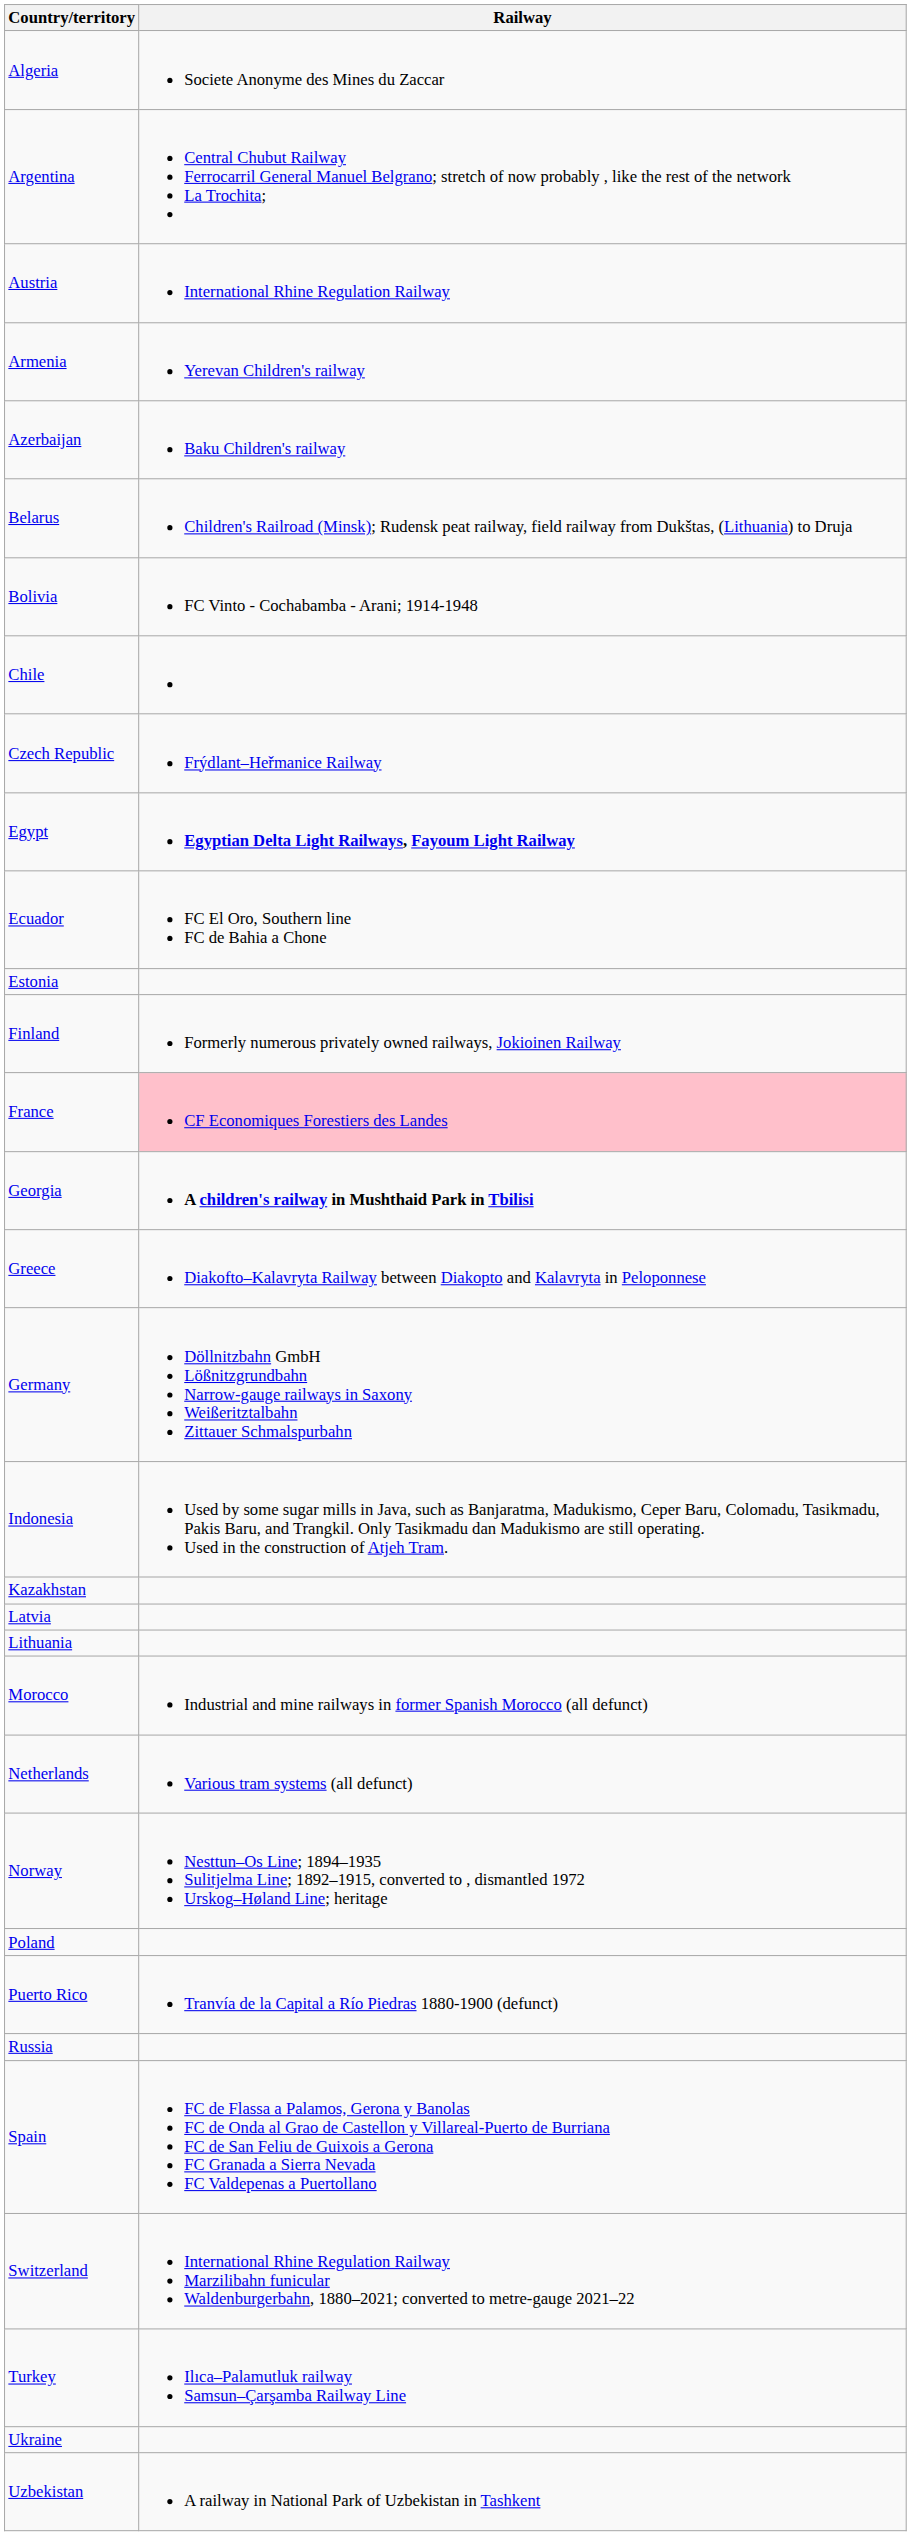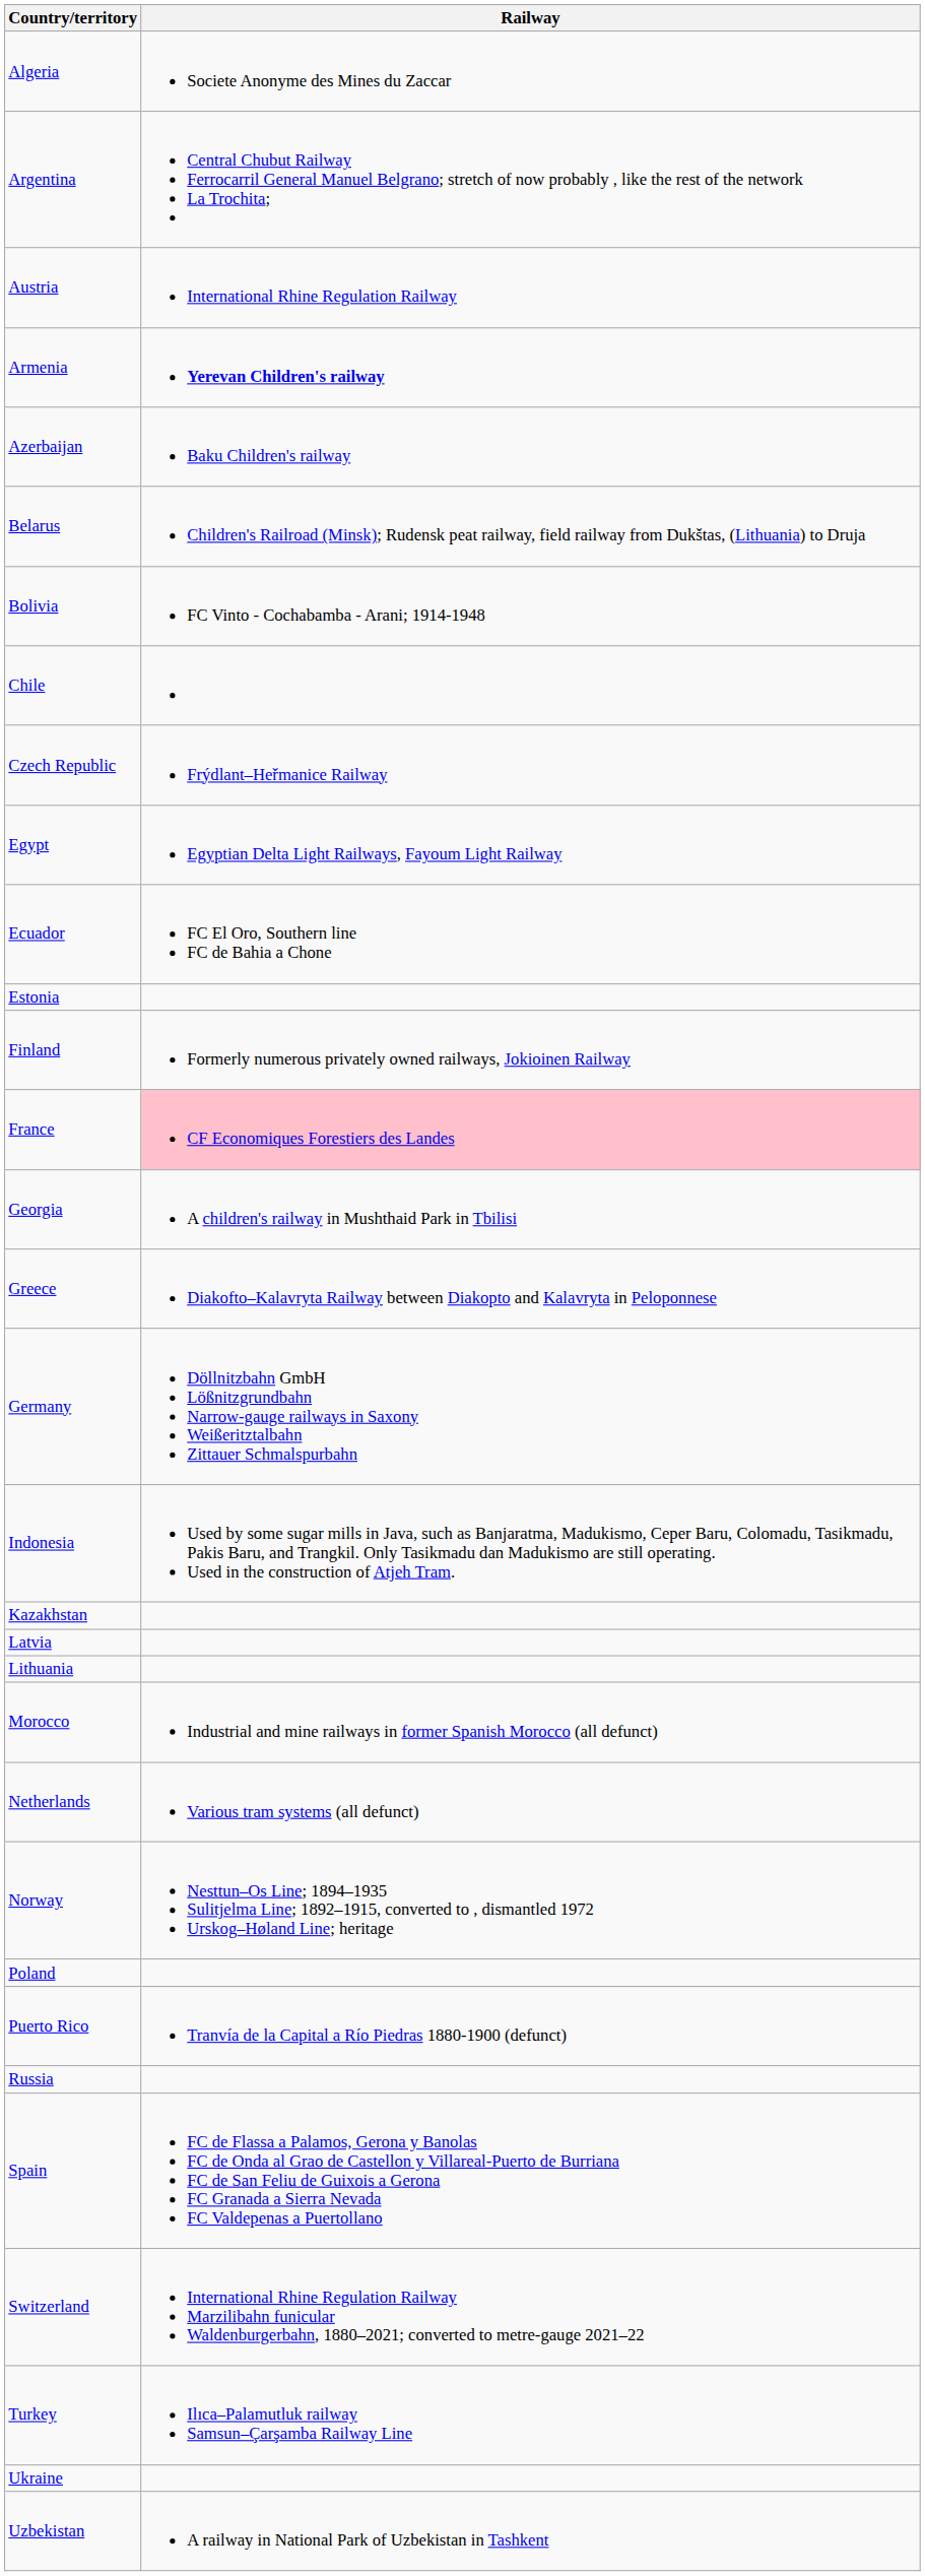 <table class=wikitable>
 <tr>
 <th>Country/territory</th>
 <th>Railway</th>
 </tr>
 <tr>
 <td><a href='#'>Algeria</a></td>
 <td><br><ul><li>Societe Anonyme des Mines du Zaccar</li></ul></td>
 </tr>
 <tr>
 <td><a href='#'>Argentina</a></td>
 <td><br><ul><li><a href='#'>Central Chubut Railway</a></li><li><a href='#'>Ferrocarril General Manuel Belgrano</a>; stretch of  now probably , like the rest of the network</li><li><a href='#'>La Trochita</a>; </li><li></li></ul></td>
 </tr>
 <tr>
 <td><a href='#'>Austria</a></td>
 <td><br><ul><li><a href='#'>International Rhine Regulation Railway</a></li></ul></td>
 </tr>
 <tr>
 <td><a href='#'>Armenia</a></td>
-<td><br><ul><li><a href='#'>Yerevan Children's railway</a></li></ul></td>
+<td><strong><br><ul><li><a href='#'>Yerevan Children's railway</a></li></ul></strong></td>
 </tr>
 <tr>
 <td><a href='#'>Azerbaijan</a></td>
 <td><br><ul><li><a href='#'>Baku Children's railway</a></li></ul></td>
 </tr>
 <tr>
 <td><a href='#'>Belarus</a></td>
 <td><br><ul><li><a href='#'>Children's Railroad (Minsk)</a>; Rudensk peat railway, field railway from Dukštas, (<a href='#'>Lithuania</a>) to Druja</li></ul></td>
 </tr>
 <tr>
 <td><a href='#'>Bolivia</a></td>
 <td><br><ul><li>FC Vinto - Cochabamba - Arani;  1914-1948</li></ul></td>
 </tr>
 <tr>
 <td><a href='#'>Chile</a></td>
 <td><br><ul><li></li></ul></td>
 </tr>
 <tr>
 <td><a href='#'>Czech Republic</a></td>
 <td><br><ul><li><a href='#'>Frýdlant–Heřmanice Railway</a></li></ul></td>
 </tr>
 <tr>
 <td><a href='#'>Egypt</a></td>
-<td><strong><br><ul><li><a href='#'>Egyptian Delta Light Railways</a>, <a href='#'>Fayoum Light Railway</a></li></ul></strong></td>
+<td><br><ul><li><a href='#'>Egyptian Delta Light Railways</a>, <a href='#'>Fayoum Light Railway</a></li></ul></td>
 </tr>
 <tr>
 <td><a href='#'>Ecuador</a></td>
 <td><br><ul><li>FC El Oro, Southern line</li><li>FC de Bahia a Chone</li></ul></td>
 </tr>
 <tr>
 <td><a href='#'>Estonia</a></td>
 <td><br></td>
 </tr>
 <tr>
 <td><a href='#'>Finland</a></td>
 <td><br><ul><li>Formerly numerous privately owned railways, <a href='#'>Jokioinen Railway</a></li></ul></td>
 </tr>
 <tr>
 <td><a href='#'>France</a></td>
 <td style="background: pink;"><br><ul><li><a href='#'>CF Economiques Forestiers des Landes</a></li></ul></td>
 </tr>
 <tr>
 <td><a href='#'>Georgia</a></td>
-<td><strong><br><ul><li>A <a href='#'>children's railway</a> in Mushthaid Park in <a href='#'>Tbilisi</a></li></ul></strong></td>
+<td><br><ul><li>A <a href='#'>children's railway</a> in Mushthaid Park in <a href='#'>Tbilisi</a></li></ul></td>
 </tr>
 <tr>
 <td><a href='#'>Greece</a></td>
 <td><br><ul><li><a href='#'>Diakofto–Kalavryta Railway</a> between <a href='#'>Diakopto</a> and <a href='#'>Kalavryta</a> in <a href='#'>Peloponnese</a></li></ul></td>
 </tr>
 <tr>
 <td><a href='#'>Germany</a></td>
 <td><br><ul><li><a href='#'>Döllnitzbahn</a> GmbH</li><li><a href='#'>Lößnitzgrundbahn</a></li><li><a href='#'>Narrow-gauge railways in Saxony</a></li><li><a href='#'>Weißeritztalbahn</a></li><li><a href='#'>Zittauer Schmalspurbahn</a></li></ul></td>
 </tr>
 <tr>
 <td><a href='#'>Indonesia</a></td>
 <td><br><ul><li>Used by some sugar mills in Java, such as Banjaratma, Madukismo, Ceper Baru, Colomadu, Tasikmadu, Pakis Baru, and Trangkil. Only Tasikmadu dan Madukismo are still operating.</li><li>Used in the construction of <a href='#'>Atjeh Tram</a>.</li></ul></td>
 </tr>
 <tr>
 <td><a href='#'>Kazakhstan</a></td>
 <td><br></td>
 </tr>
 <tr>
 <td><a href='#'>Latvia</a></td>
 <td><br></td>
 </tr>
 <tr>
 <td><a href='#'>Lithuania</a></td>
 <td><br></td>
 </tr>
 <tr>
 <td><a href='#'>Morocco</a></td>
 <td><br><ul><li>Industrial and mine railways in <a href='#'>former Spanish Morocco</a> (all defunct)</li></ul></td>
 </tr>
 <tr>
 <td><a href='#'>Netherlands</a></td>
 <td><br><ul><li><a href='#'>Various tram systems</a> (all defunct)</li></ul></td>
 </tr>
 <tr>
 <td><a href='#'>Norway</a></td>
 <td><br><ul><li><a href='#'>Nesttun–Os Line</a>; 1894–1935</li><li><a href='#'>Sulitjelma Line</a>; 1892–1915, converted to , dismantled 1972</li><li><a href='#'>Urskog–Høland Line</a>; heritage</li></ul></td>
 </tr>
 <tr>
 <td><a href='#'>Poland</a></td>
 <td><br></td>
 </tr>
 <tr>
 <td><a href='#'>Puerto Rico</a></td>
 <td><br><ul><li><a href='#'>Tranvía de la Capital a Río Piedras</a> 1880-1900 (defunct)</li></ul></td>
 </tr>
 <tr>
 <td><a href='#'>Russia</a></td>
 <td><br></td>
 </tr>
 <tr>
 <td><a href='#'>Spain</a></td>
 <td><br><ul><li><a href='#'>FC de Flassa a Palamos, Gerona y Banolas</a></li><li><a href='#'>FC de Onda al Grao de Castellon y Villareal-Puerto de Burriana</a></li><li><a href='#'>FC de San Feliu de Guixois a Gerona</a></li><li><a href='#'>FC Granada a Sierra Nevada</a></li><li><a href='#'>FC Valdepenas a Puertollano</a></li></ul></td>
 </tr>
 <tr>
 <td><a href='#'>Switzerland</a></td>
 <td><br><ul><li><a href='#'>International Rhine Regulation Railway</a></li><li><a href='#'>Marzilibahn funicular</a></li><li><a href='#'>Waldenburgerbahn</a>, 1880–2021; converted to metre-gauge 2021–22</li></ul></td>
 </tr>
 <tr>
 <td><a href='#'>Turkey</a></td>
 <td><br><ul><li><a href='#'>Ilıca–Palamutluk railway</a></li><li><a href='#'>Samsun–Çarşamba Railway Line</a></li></ul></td>
 </tr>
 <tr>
 <td><a href='#'>Ukraine</a></td>
 <td><br></td>
 </tr>
 <tr>
 <td><a href='#'>Uzbekistan</a></td>
 <td><br><ul><li>A railway in National Park of Uzbekistan in <a href='#'>Tashkent</a></li></ul></td>
 </tr>
 </table>
